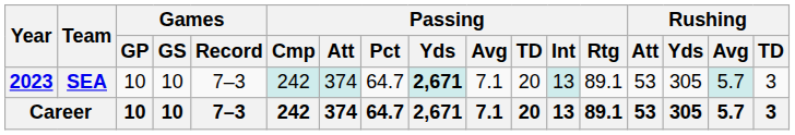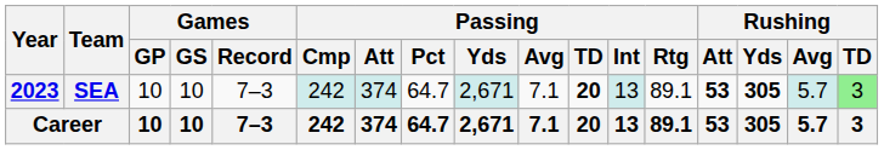 <table class="wikitable" style="text-align:center;">
 <tr>
 <th rowspan="2">Year</th>
 <th rowspan="2">Team</th>
 <th colspan="3">Games</th>
 <th colspan="8">Passing</th>
 <th colspan="4">Rushing</th>
 </tr>
 <tr>
 <th>GP</th>
 <th>GS</th>
 <th>Record</th>
 <th>Cmp</th>
 <th>Att</th>
 <th>Pct</th>
 <th>Yds</th>
 <th>Avg</th>
 <th>TD</th>
 <th>Int</th>
 <th>Rtg</th>
 <th>Att</th>
 <th>Yds</th>
 <th>Avg</th>
 <th>TD</th>
 </tr>
 <tr>
 <th><a href='#'>2023</a></th>
 <th><a href='#'>SEA</a></th>
 <td>10</td>
 <td>10</td>
 <td>7–3</td>
 <td style="background:#cfecec;">242</td>
 <td style="background:#cfecec;">374</td>
 <td>64.7</td>
-<td style="background:#cfecec;"><strong>2,671</strong></td>
+<td style="background:#cfecec;">2,671</td>
 <td>7.1</td>
-<td>20</td>
+<td><strong>20</strong></td>
 <td style="background:#cfecec;">13</td>
 <td>89.1</td>
-<td>53</td>
-<td>305</td>
+<td><strong>53</strong></td>
+<td><strong>305</strong></td>
 <td style="background:#cfecec;">5.7</td>
-<td>3</td>
+<td style="background: lightgreen;">3</td>
 </tr>
 <tr>
 <th colspan="2">Career</th>
 <th>10</th>
 <th>10</th>
 <th>7–3</th>
 <th>242</th>
 <th>374</th>
 <th>64.7</th>
 <th>2,671</th>
 <th>7.1</th>
 <th>20</th>
 <th>13</th>
 <th>89.1</th>
 <th>53</th>
 <th>305</th>
 <th>5.7</th>
 <th>3</th>
 </tr>
 </table>
